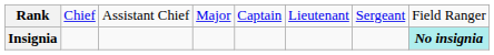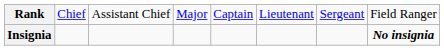 <table class="wikitable">
 <tr style="text-align:center;">
 <th>Rank</th>
 <td><a href='#'>Chief</a></td>
 <td>Assistant Chief</td>
 <td><a href='#'>Major</a></td>
 <td><a href='#'>Captain</a></td>
 <td><a href='#'>Lieutenant</a></td>
 <td><a href='#'>Sergeant</a></td>
 <td>Field Ranger</td>
 </tr>
 <tr style="text-align:center;">
 <th>Insignia</th>
 <td></td>
 <td></td>
 <td></td>
 <td></td>
 <td></td>
 <td></td>
-<td style="background: paleturquoise;"><strong><em>No insignia</em></strong></td>
+<td><strong><em>No insignia</em></strong></td>
 </tr>
 </table>
